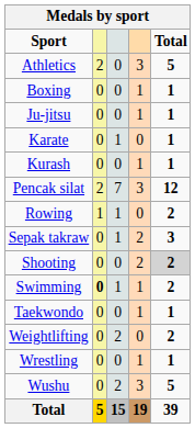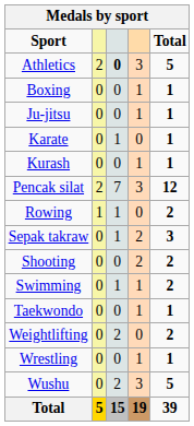 <table class=wikitable style="font-size:85%; float:right;text-align:center">
 <tr bgcolor=EFEFEF>
 <th colspan=7>Medals by sport</th>
 </tr>
 <tr>
 <td><strong>Sport</strong></td>
 <td bgcolor=F7F6A8></td>
 <td bgcolor=DCE5E5></td>
 <td bgcolor=FFDBA9></td>
 <td><strong>Total</strong></td>
 </tr>
 <tr>
 <td><a href='#'>Athletics</a></td>
 <td bgcolor=F7F6A8>2</td>
-<td bgcolor=DCE5E5>0</td>
+<td bgcolor=DCE5E5><strong>0</strong></td>
 <td bgcolor=FFDAB9>3</td>
 <td><strong>5</strong></td>
 </tr>
 <tr>
 <td><a href='#'>Boxing</a></td>
 <td bgcolor=F7F6A8>0</td>
 <td bgcolor=DCE5E5>0</td>
 <td bgcolor=FFDAB9>1</td>
 <td><strong>1</strong></td>
 </tr>
 <tr>
 <td><a href='#'>Ju-jitsu</a></td>
 <td bgcolor=F7F6A8>0</td>
 <td bgcolor=DCE5E5>0</td>
 <td bgcolor=FFDAB9>1</td>
 <td><strong>1</strong></td>
 </tr>
 <tr>
 <td><a href='#'>Karate</a></td>
 <td bgcolor=F7F6A8>0</td>
 <td bgcolor=DCE5E5>1</td>
 <td bgcolor=FFDAB9>0</td>
 <td><strong>1</strong></td>
 </tr>
 <tr>
 <td><a href='#'>Kurash</a></td>
 <td bgcolor=F7F6A8>0</td>
 <td bgcolor=DCE5E5>0</td>
 <td bgcolor=FFDAB9>1</td>
 <td><strong>1</strong></td>
 </tr>
 <tr>
 <td><a href='#'>Pencak silat</a></td>
 <td bgcolor=F7F6A8>2</td>
 <td bgcolor=DCE5E5>7</td>
 <td bgcolor=FFDAB9>3</td>
 <td><strong>12</strong></td>
 </tr>
 <tr>
 <td><a href='#'>Rowing</a></td>
 <td bgcolor=F7F6A8>1</td>
 <td bgcolor=DCE5E5>1</td>
 <td bgcolor=FFDAB9>0</td>
 <td><strong>2</strong></td>
 </tr>
 <tr>
 <td><a href='#'>Sepak takraw</a></td>
 <td bgcolor=F7F6A8>0</td>
 <td bgcolor=DCE5E5>1</td>
 <td bgcolor=FFDAB9>2</td>
 <td><strong>3</strong></td>
 </tr>
 <tr>
 <td><a href='#'>Shooting</a></td>
 <td bgcolor=F7F6A8>0</td>
 <td bgcolor=DCE5E5>0</td>
 <td bgcolor=FFDAB9>2</td>
-<td style="background: lightgrey;"><strong>2</strong></td>
+<td><strong>2</strong></td>
 </tr>
 <tr>
 <td><a href='#'>Swimming</a></td>
-<td bgcolor=F7F6A8><strong>0</strong></td>
+<td bgcolor=F7F6A8>0</td>
 <td bgcolor=DCE5E5>1</td>
 <td bgcolor=FFDAB9>1</td>
 <td><strong>2</strong></td>
 </tr>
 <tr>
 <td><a href='#'>Taekwondo</a></td>
 <td bgcolor=F7F6A8>0</td>
 <td bgcolor=DCE5E5>0</td>
 <td bgcolor=FFDAB9>1</td>
 <td><strong>1</strong></td>
 </tr>
 <tr>
 <td><a href='#'>Weightlifting</a></td>
 <td bgcolor=F7F6A8>0</td>
 <td bgcolor=DCE5E5>2</td>
 <td bgcolor=FFDAB9>0</td>
 <td><strong>2</strong></td>
 </tr>
 <tr>
 <td><a href='#'>Wrestling</a></td>
 <td bgcolor=F7F6A8>0</td>
 <td bgcolor=DCE5E5>0</td>
 <td bgcolor=FFDAB9>1</td>
 <td><strong>1</strong></td>
 </tr>
 <tr>
 <td><a href='#'>Wushu</a></td>
 <td bgcolor=F7F6A8>0</td>
 <td bgcolor=DCE5E5>2</td>
 <td bgcolor=FFDAB9>3</td>
 <td><strong>5</strong></td>
 </tr>
 <tr>
 <th>Total</th>
 <td style="background:gold;"><strong>5</strong></td>
 <td style="background:silver;"><strong>15</strong></td>
 <td style="background:#c96;"><strong>19</strong></td>
 <td><strong>39</strong></td>
 </tr>
 </table>
